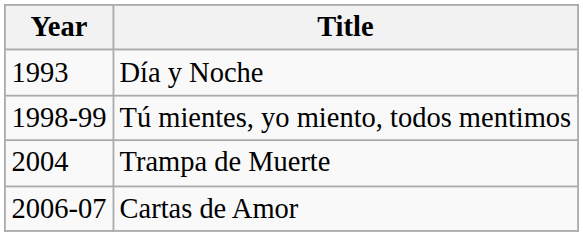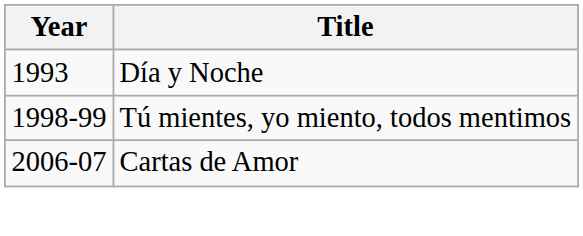 <table class="wikitable">
 <tr style="background:#b0c4de;">
 <th>Year</th>
 <th>Title</th>
 </tr>
 <tr>
 <td>1993</td>
 <td>Día y Noche</td>
 </tr>
 <tr>
 <td>1998-99</td>
 <td>Tú mientes, yo miento, todos mentimos</td>
 </tr>
 <tr>
-<td>2004</td>
-<td>Trampa de Muerte</td>
-</tr>
-<tr>
 <td>2006-07</td>
 <td>Cartas de Amor</td>
 </tr>
 </table>
